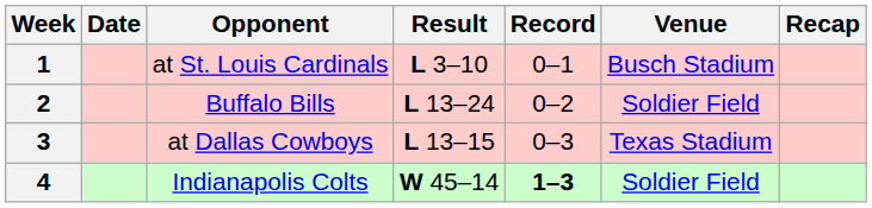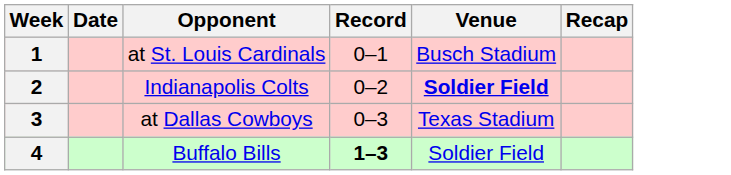 <table class="wikitable" style="text-align:center">
 <tr>
 <th>Week</th>
 <th>Date</th>
 <th>Opponent</th>
-<th>Result</th>
 <th>Record</th>
 <th>Venue</th>
 <th>Recap</th>
 </tr>
 <tr style="background:#fcc;">
 <th>1</th>
 <td></td>
 <td>at <a href='#'>St. Louis Cardinals</a></td>
-<td><strong>L</strong>  3–10</td>
 <td>0–1</td>
 <td><a href='#'>Busch Stadium</a></td>
 <td></td>
 </tr>
 <tr style="background:#fcc;">
 <th>2</th>
 <td></td>
-<td><a href='#'>Buffalo Bills</a></td>
-<td><strong>L</strong> 13–24</td>
+<td><a href='#'>Indianapolis Colts</a></td>
 <td>0–2</td>
-<td><a href='#'>Soldier Field</a></td>
+<td><strong><a href='#'>Soldier Field</a></strong></td>
 <td></td>
 </tr>
 <tr style="background:#fcc;">
 <th>3</th>
 <td></td>
 <td>at <a href='#'>Dallas Cowboys</a></td>
-<td><strong>L</strong> 13–15</td>
 <td>0–3</td>
 <td><a href='#'>Texas Stadium</a></td>
 <td></td>
 </tr>
 <tr style="background:#cfc;">
 <th>4</th>
 <td></td>
-<td><a href='#'>Indianapolis Colts</a></td>
-<td><strong>W</strong> 45–14</td>
+<td><a href='#'>Buffalo Bills</a></td>
 <td><strong>1–3</strong></td>
 <td><a href='#'>Soldier Field</a></td>
 <td></td>
 </tr>
 </table>
